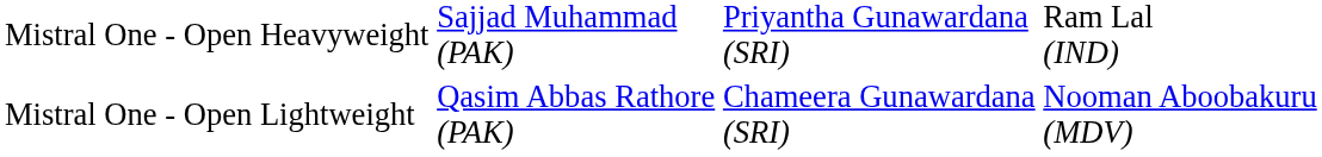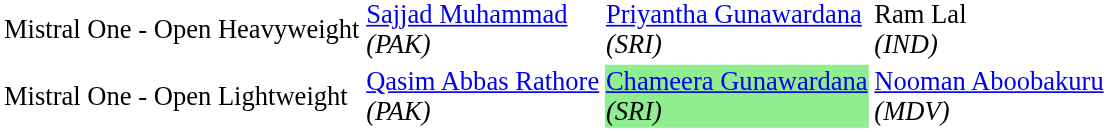 <table>
 <tr>
 <td>Mistral One - Open Heavyweight</td>
 <td><a href='#'>Sajjad Muhammad</a><br><em> (PAK)</em></td>
 <td><a href='#'>Priyantha Gunawardana</a><br><em> (SRI)</em></td>
 <td>Ram Lal<br><em> (IND)</em></td>
 </tr>
 <tr>
 <td>Mistral One - Open Lightweight</td>
 <td><a href='#'>Qasim Abbas Rathore</a><br><em> (PAK)</em></td>
-<td><a href='#'>Chameera Gunawardana</a><br><em> (SRI)</em></td>
+<td style="background: lightgreen;"><a href='#'>Chameera Gunawardana</a><br><em> (SRI)</em></td>
 <td><a href='#'>Nooman Aboobakuru</a><br><em> (MDV)</em></td>
 </tr>
 </table>
